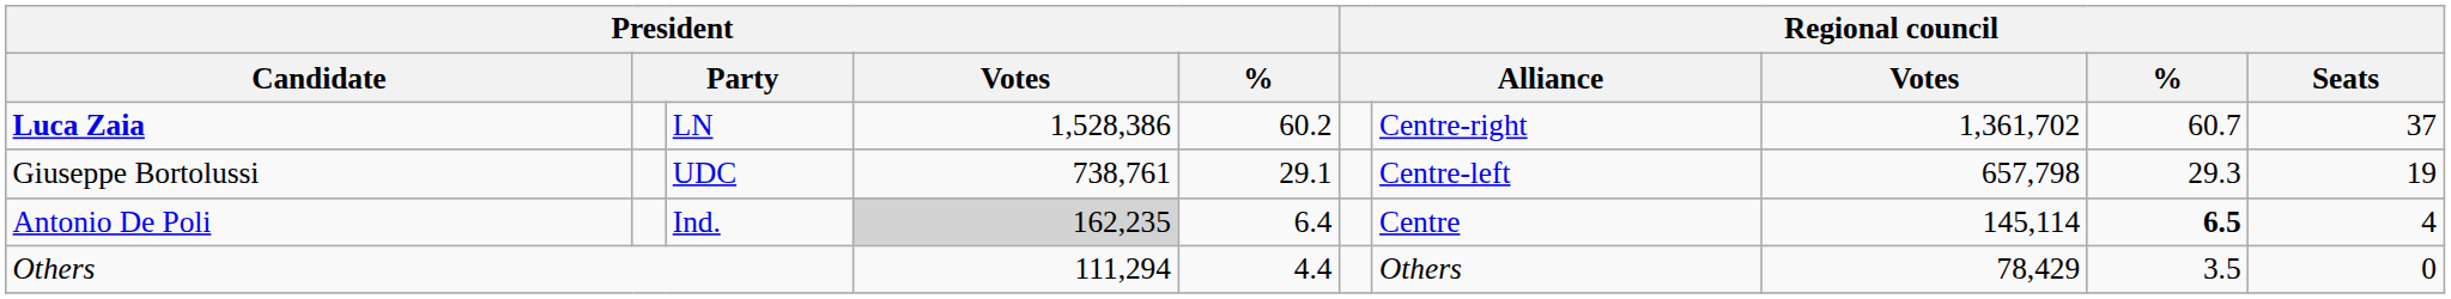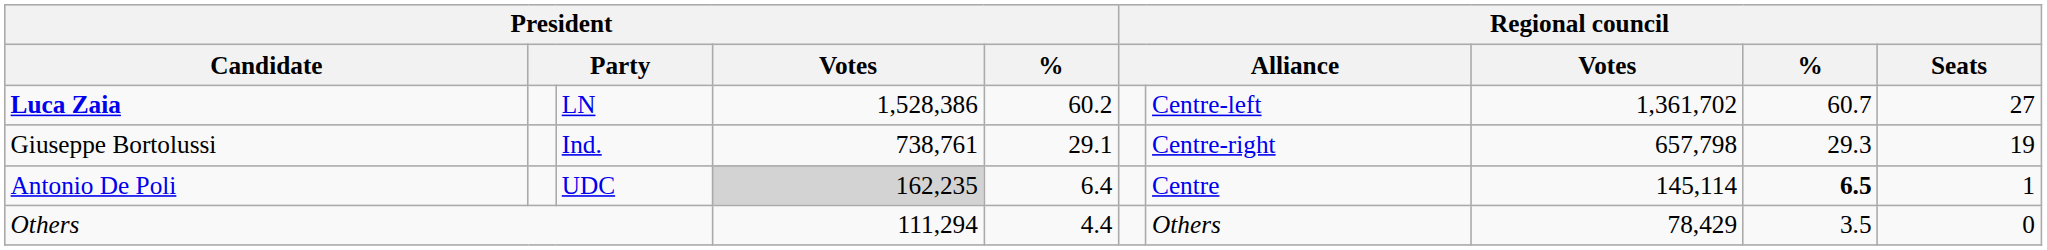 <table class="wikitable" style="text-align:right; style="width=65%">
 <tr>
 <th colspan="5">President</th>
 <th colspan="7">Regional council</th>
 </tr>
 <tr>
 <th>Candidate</th>
 <th colspan="2">Party</th>
 <th>Votes</th>
 <th>%</th>
 <th colspan="2">Alliance</th>
 <th>Votes</th>
 <th>%</th>
 <th>Seats</th>
 </tr>
 <tr>
 <td style="text-align:left"><strong><a href='#'>Luca Zaia</a></strong></td>
 <td></td>
 <td style="text-align:left"><a href='#'>LN</a></td>
 <td>1,528,386</td>
 <td>60.2</td>
 <td></td>
-<td style="text-align:left"><a href='#'>Centre-right</a></td>
+<td style="text-align:left"><a href='#'>Centre-left</a></td>
 <td>1,361,702</td>
 <td>60.7</td>
-<td>37</td>
+<td>27</td>
 </tr>
 <tr>
 <td style="text-align:left">Giuseppe Bortolussi</td>
 <td></td>
-<td style="text-align:left"><a href='#'>UDC</a></td>
+<td style="text-align:left"><a href='#'>Ind.</a></td>
 <td>738,761</td>
 <td>29.1</td>
 <td></td>
-<td style="text-align:left"><a href='#'>Centre-left</a></td>
+<td style="text-align:left"><a href='#'>Centre-right</a></td>
 <td>657,798</td>
 <td>29.3</td>
 <td>19</td>
 </tr>
 <tr>
 <td style="text-align:left"><a href='#'>Antonio De Poli</a></td>
 <td></td>
-<td style="text-align:left"><a href='#'>Ind.</a></td>
+<td style="text-align:left"><a href='#'>UDC</a></td>
 <td style="background: lightgrey;">162,235</td>
 <td>6.4</td>
 <td></td>
 <td style="text-align:left"><a href='#'>Centre</a></td>
 <td>145,114</td>
 <td><strong>6.5</strong></td>
-<td>4</td>
+<td>1</td>
 </tr>
 <tr>
 <td colspan="3" style="text-align:left"><em>Others</em></td>
 <td>111,294</td>
 <td>4.4</td>
 <td></td>
 <td style="text-align:left"><em>Others</em></td>
 <td>78,429</td>
 <td>3.5</td>
 <td>0</td>
 </tr>
 </table>
